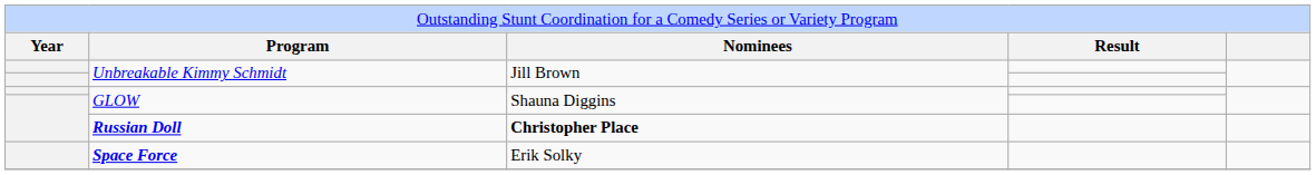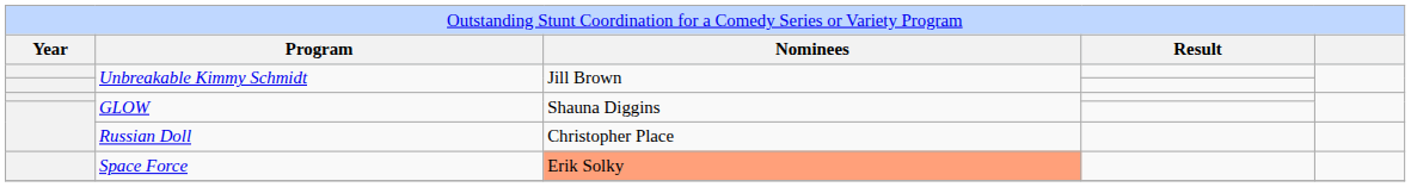 <table class="wikitable plainrowheaders" style="font-size: 90%" width=90%>
 <tr ---- bgcolor="#bfd7ff">
 <td colspan=6 align=center><a href='#'>Outstanding Stunt Coordination for a Comedy Series or Variety Program</a></td>
 </tr>
 <tr ---- bgcolor="#ebf5ff">
 <th width="5%">Year</th>
 <th width="25%">Program</th>
 <th width="30%">Nominees</th>
 <th width="13%">Result</th>
 <th width="5%"></th>
 </tr>
 <tr>
 <th scope=row></th>
 <td rowspan="2"><em><a href='#'>Unbreakable Kimmy Schmidt</a></em></td>
 <td rowspan="2">Jill Brown</td>
 <td></td>
 <td rowspan="2"></td>
 </tr>
 <tr>
 <th scope=row></th>
 <td></td>
 </tr>
 <tr>
 <th scope=row></th>
 <td rowspan="2"><em><a href='#'>GLOW</a></em></td>
 <td rowspan="2">Shauna Diggins</td>
 <td></td>
 <td rowspan="2"></td>
 </tr>
 <tr>
 <th scope=row rowspan="2"></th>
 <td></td>
 </tr>
 <tr>
-<td><strong><em><a href='#'>Russian Doll</a></em></strong></td>
-<td><strong>Christopher Place</strong></td>
+<td><em><a href='#'>Russian Doll</a></em></td>
+<td>Christopher Place</td>
 <td></td>
 <td></td>
 </tr>
 <tr>
 <th scope=row></th>
-<td><strong><em><a href='#'>Space Force</a></em></strong></td>
-<td>Erik Solky</td>
+<td><em><a href='#'>Space Force</a></em></td>
+<td style="background: lightsalmon;">Erik Solky</td>
 <td></td>
 <td></td>
 </tr>
 <tr>
 </tr>
 </table>
